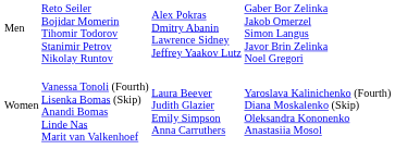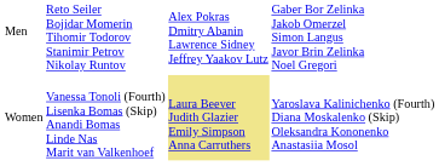 <table>
 <tr>
 <td>Men</td>
 <td><strong></strong><br><a href='#'>Reto Seiler</a><br><a href='#'>Bojidar Momerin</a><br><a href='#'>Tihomir Todorov</a><br><a href='#'>Stanimir Petrov</a><br><a href='#'>Nikolay Runtov</a></td>
 <td><strong></strong><br><a href='#'>Alex Pokras</a><br><a href='#'>Dmitry Abanin</a><br><a href='#'>Lawrence Sidney</a><br><a href='#'>Jeffrey Yaakov Lutz</a></td>
 <td><strong></strong><br><a href='#'>Gaber Bor Zelinka</a><br><a href='#'>Jakob Omerzel</a><br><a href='#'>Simon Langus</a><br><a href='#'>Javor Brin Zelinka</a><br><a href='#'>Noel Gregori</a></td>
 </tr>
 <tr>
 <td>Women</td>
 <td><strong></strong><br><a href='#'>Vanessa Tonoli</a> (Fourth)<br><a href='#'>Lisenka Bomas</a> (Skip)<br><a href='#'>Anandi Bomas</a><br><a href='#'>Linde Nas</a><br><a href='#'>Marit van Valkenhoef</a></td>
-<td><strong></strong><br><a href='#'>Laura Beever</a><br><a href='#'>Judith Glazier</a><br><a href='#'>Emily Simpson</a><br><a href='#'>Anna Carruthers</a></td>
+<td style="background: khaki;"><strong></strong><br><a href='#'>Laura Beever</a><br><a href='#'>Judith Glazier</a><br><a href='#'>Emily Simpson</a><br><a href='#'>Anna Carruthers</a></td>
 <td><strong></strong><br><a href='#'>Yaroslava Kalinichenko</a> (Fourth)<br><a href='#'>Diana Moskalenko</a> (Skip)<br><a href='#'>Oleksandra Kononenko</a><br><a href='#'>Anastasiia Mosol</a></td>
 </tr>
 </table>
